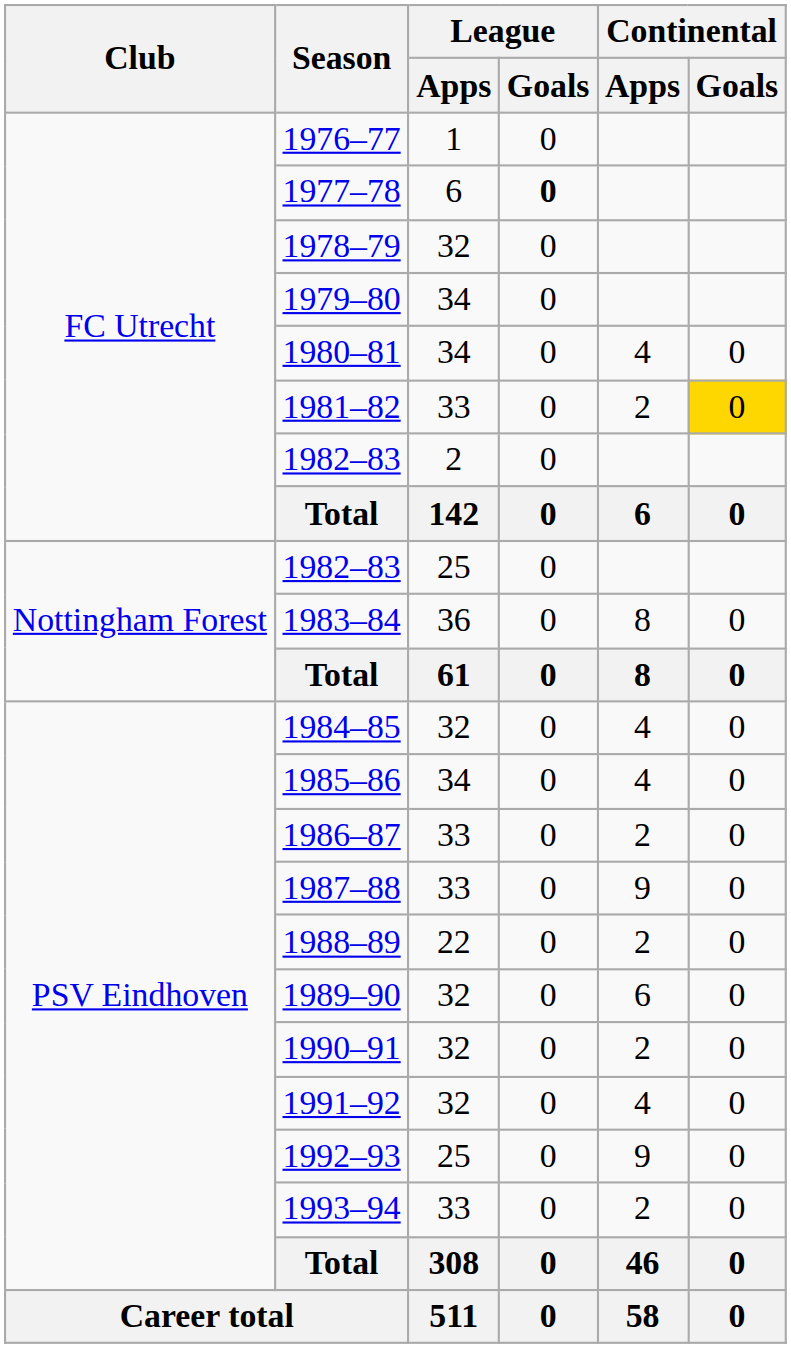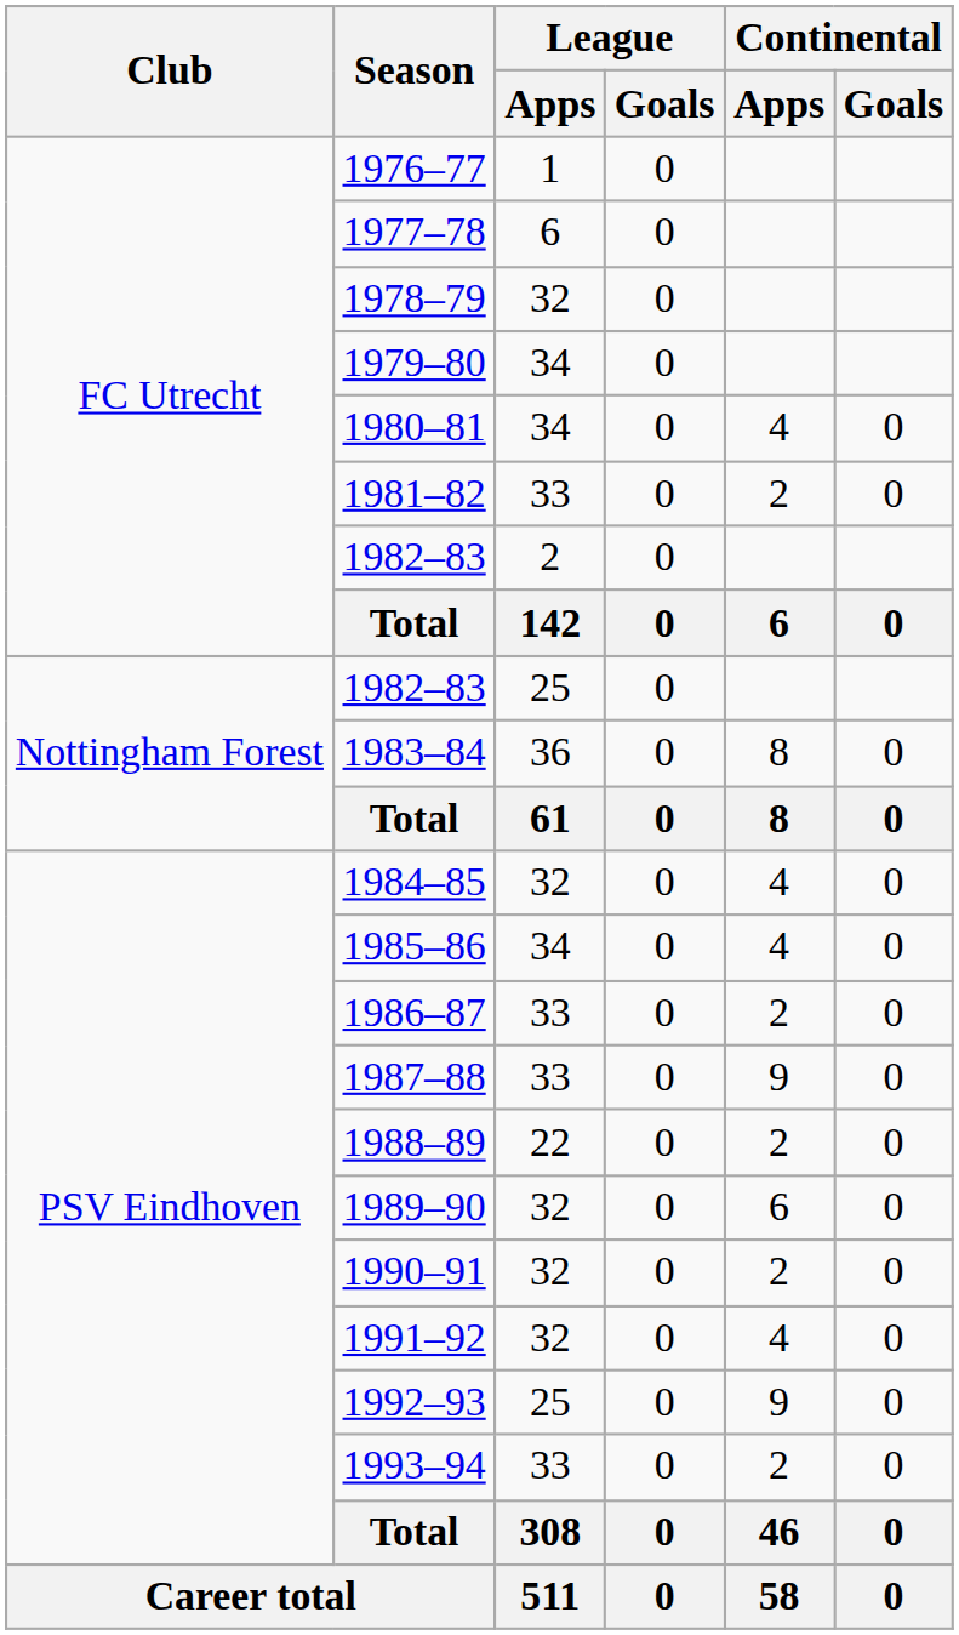 <table class="wikitable" style="text-align:center">
 <tr>
 <th rowspan="2">Club</th>
 <th rowspan="2">Season</th>
 <th colspan="2">League</th>
 <th colspan="2">Continental</th>
 </tr>
 <tr>
 <th>Apps</th>
 <th>Goals</th>
 <th>Apps</th>
 <th>Goals</th>
 </tr>
 <tr>
 <td rowspan="8"><a href='#'>FC Utrecht</a></td>
 <td><a href='#'>1976–77</a></td>
 <td>1</td>
 <td>0</td>
 <td></td>
 <td></td>
 </tr>
 <tr>
 <td><a href='#'>1977–78</a></td>
 <td>6</td>
-<td><strong>0</strong></td>
+<td>0</td>
 <td></td>
 <td></td>
 </tr>
 <tr>
 <td><a href='#'>1978–79</a></td>
 <td>32</td>
 <td>0</td>
 <td></td>
 <td></td>
 </tr>
 <tr>
 <td><a href='#'>1979–80</a></td>
 <td>34</td>
 <td>0</td>
 <td></td>
 <td></td>
 </tr>
 <tr>
 <td><a href='#'>1980–81</a></td>
 <td>34</td>
 <td>0</td>
 <td>4</td>
 <td>0</td>
 </tr>
 <tr>
 <td><a href='#'>1981–82</a></td>
 <td>33</td>
 <td>0</td>
 <td>2</td>
-<td style="background: gold;">0</td>
+<td>0</td>
 </tr>
 <tr>
 <td><a href='#'>1982–83</a></td>
 <td>2</td>
 <td>0</td>
 <td></td>
 <td></td>
 </tr>
 <tr>
 <th>Total</th>
 <th>142</th>
 <th>0</th>
 <th>6</th>
 <th>0</th>
 </tr>
 <tr>
 <td rowspan="3"><a href='#'>Nottingham Forest</a></td>
 <td><a href='#'>1982–83</a></td>
 <td>25</td>
 <td>0</td>
 <td></td>
 <td></td>
 </tr>
 <tr>
 <td><a href='#'>1983–84</a></td>
 <td>36</td>
 <td>0</td>
 <td>8</td>
 <td>0</td>
 </tr>
 <tr>
 <th>Total</th>
 <th>61</th>
 <th>0</th>
 <th>8</th>
 <th>0</th>
 </tr>
 <tr>
 <td rowspan="11"><a href='#'>PSV Eindhoven</a></td>
 <td><a href='#'>1984–85</a></td>
 <td>32</td>
 <td>0</td>
 <td>4</td>
 <td>0</td>
 </tr>
 <tr>
 <td><a href='#'>1985–86</a></td>
 <td>34</td>
 <td>0</td>
 <td>4</td>
 <td>0</td>
 </tr>
 <tr>
 <td><a href='#'>1986–87</a></td>
 <td>33</td>
 <td>0</td>
 <td>2</td>
 <td>0</td>
 </tr>
 <tr>
 <td><a href='#'>1987–88</a></td>
 <td>33</td>
 <td>0</td>
 <td>9</td>
 <td>0</td>
 </tr>
 <tr>
 <td><a href='#'>1988–89</a></td>
 <td>22</td>
 <td>0</td>
 <td>2</td>
 <td>0</td>
 </tr>
 <tr>
 <td><a href='#'>1989–90</a></td>
 <td>32</td>
 <td>0</td>
 <td>6</td>
 <td>0</td>
 </tr>
 <tr>
 <td><a href='#'>1990–91</a></td>
 <td>32</td>
 <td>0</td>
 <td>2</td>
 <td>0</td>
 </tr>
 <tr>
 <td><a href='#'>1991–92</a></td>
 <td>32</td>
 <td>0</td>
 <td>4</td>
 <td>0</td>
 </tr>
 <tr>
 <td><a href='#'>1992–93</a></td>
 <td>25</td>
 <td>0</td>
 <td>9</td>
 <td>0</td>
 </tr>
 <tr>
 <td><a href='#'>1993–94</a></td>
 <td>33</td>
 <td>0</td>
 <td>2</td>
 <td>0</td>
 </tr>
 <tr>
 <th>Total</th>
 <th>308</th>
 <th>0</th>
 <th>46</th>
 <th>0</th>
 </tr>
 <tr>
 <th colspan="2">Career total</th>
 <th>511</th>
 <th>0</th>
 <th>58</th>
 <th>0</th>
 </tr>
 </table>
